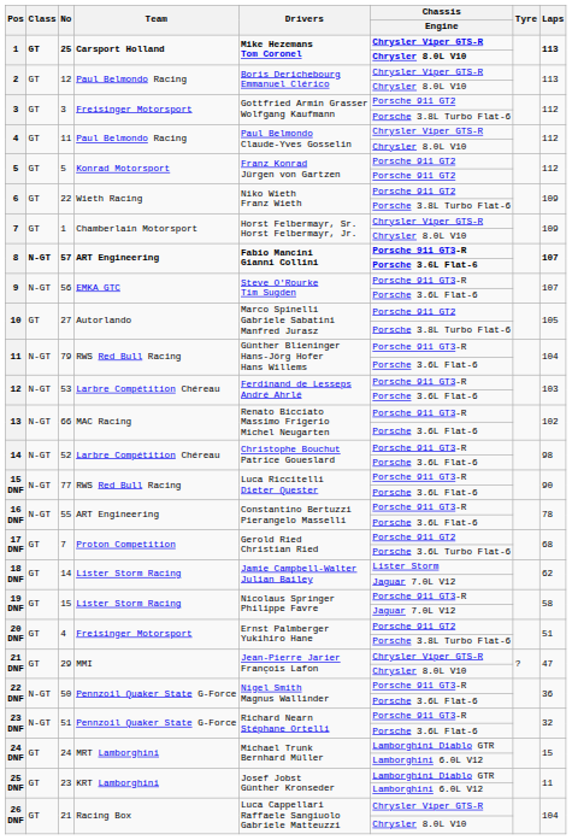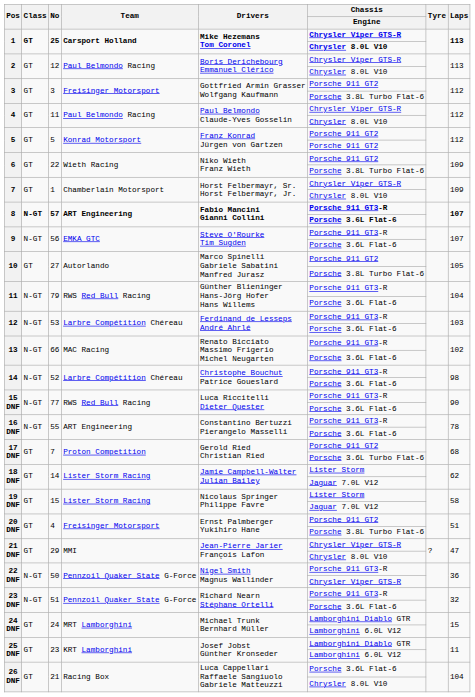 <table class="wikitable" style="font-size: 95%;">
 <tr>
 <th rowspan=2>Pos</th>
 <th rowspan=2>Class</th>
 <th rowspan=2>No</th>
 <th rowspan=2>Team</th>
 <th rowspan=2>Drivers</th>
 <th>Chassis</th>
 <th rowspan=2>Tyre</th>
 <th rowspan=2>Laps</th>
 </tr>
 <tr>
 <th>Engine</th>
 </tr>
 <tr style="font-weight:bold">
 <th rowspan=2>1</th>
 <td rowspan=2>GT</td>
 <td rowspan=2>25</td>
 <td rowspan=2> Carsport Holland</td>
 <td rowspan=2> Mike Hezemans<br> <a href='#'>Tom Coronel</a></td>
 <td><a href='#'>Chrysler Viper GTS-R</a></td>
 <td rowspan=2></td>
 <td rowspan=2>113</td>
 </tr>
 <tr style="font-weight:bold">
 <td><a href='#'>Chrysler</a> 8.0L V10</td>
 </tr>
 <tr>
 <th rowspan=2>2</th>
 <td rowspan=2>GT</td>
 <td rowspan=2>12</td>
 <td rowspan=2> <a href='#'>Paul Belmondo</a> Racing</td>
 <td rowspan=2> <a href='#'>Boris Derichebourg</a><br> <a href='#'>Emmanuel Clérico</a></td>
 <td><a href='#'>Chrysler Viper GTS-R</a></td>
 <td rowspan=2></td>
 <td rowspan=2>113</td>
 </tr>
 <tr>
 <td><a href='#'>Chrysler</a> 8.0L V10</td>
 </tr>
 <tr>
 <th rowspan=2>3</th>
 <td rowspan=2>GT</td>
 <td rowspan=2>3</td>
 <td rowspan=2> <a href='#'>Freisinger Motorsport</a></td>
 <td rowspan=2> Gottfried Armin Grasser<br> Wolfgang Kaufmann</td>
 <td><a href='#'>Porsche 911 GT2</a></td>
 <td rowspan=2></td>
 <td rowspan=2>112</td>
 </tr>
 <tr>
 <td><a href='#'>Porsche</a> 3.8L Turbo Flat-6</td>
 </tr>
 <tr>
 <th rowspan=2>4</th>
 <td rowspan=2>GT</td>
 <td rowspan=2>11</td>
 <td rowspan=2> <a href='#'>Paul Belmondo</a> Racing</td>
 <td rowspan=2> <a href='#'>Paul Belmondo</a><br> Claude-Yves Gosselin</td>
 <td><a href='#'>Chrysler Viper GTS-R</a></td>
 <td rowspan=2></td>
 <td rowspan=2>112</td>
 </tr>
 <tr>
 <td><a href='#'>Chrysler</a> 8.0L V10</td>
 </tr>
 <tr>
 <th rowspan=2>5</th>
 <td rowspan=2>GT</td>
 <td rowspan=2>5</td>
 <td rowspan=2> <a href='#'>Konrad Motorsport</a></td>
 <td rowspan=2> <a href='#'>Franz Konrad</a><br> Jürgen von Gartzen</td>
 <td><a href='#'>Porsche 911 GT2</a></td>
 <td rowspan=2></td>
 <td rowspan=2>112</td>
 </tr>
 <tr>
 <td><a href='#'>Porsche 911 GT2</a></td>
 </tr>
 <tr>
 <th rowspan=2>6</th>
 <td rowspan=2>GT</td>
 <td rowspan=2>22</td>
 <td rowspan=2> Wieth Racing</td>
 <td rowspan=2> Niko Wieth<br> Franz Wieth</td>
 <td><a href='#'>Porsche 911 GT2</a></td>
 <td rowspan=2></td>
 <td rowspan=2>109</td>
 </tr>
 <tr>
 <td><a href='#'>Porsche</a> 3.8L Turbo Flat-6</td>
 </tr>
 <tr>
 <th rowspan=2>7</th>
 <td rowspan=2>GT</td>
 <td rowspan=2>1</td>
 <td rowspan=2> Chamberlain Motorsport</td>
 <td rowspan=2> Horst Felbermayr, Sr.<br> Horst Felbermayr, Jr.</td>
 <td><a href='#'>Chrysler Viper GTS-R</a></td>
 <td rowspan=2></td>
 <td rowspan=2>109</td>
 </tr>
 <tr>
 <td><a href='#'>Chrysler</a> 8.0L V10</td>
 </tr>
 <tr style="font-weight:bold">
 <th rowspan=2>8</th>
 <td rowspan=2>N-GT</td>
 <td rowspan=2>57</td>
 <td rowspan=2> ART Engineering</td>
 <td rowspan=2> Fabio Mancini<br> Gianni Collini</td>
 <td><a href='#'>Porsche 911 GT3</a>-R</td>
 <td rowspan=2></td>
 <td rowspan=2>107</td>
 </tr>
 <tr style="font-weight:bold">
 <td><a href='#'>Porsche</a> 3.6L Flat-6</td>
 </tr>
 <tr>
 <th rowspan=2>9</th>
 <td rowspan=2>N-GT</td>
 <td rowspan=2>56</td>
 <td rowspan=2> <a href='#'>EMKA GTC</a></td>
 <td rowspan=2> <a href='#'>Steve O'Rourke</a><br> <a href='#'>Tim Sugden</a></td>
 <td><a href='#'>Porsche 911 GT3</a>-R</td>
 <td rowspan=2></td>
 <td rowspan=2>107</td>
 </tr>
 <tr>
 <td><a href='#'>Porsche</a> 3.6L Flat-6</td>
 </tr>
 <tr>
 <th rowspan=2>10</th>
 <td rowspan=2>GT</td>
 <td rowspan=2>27</td>
 <td rowspan=2> Autorlando</td>
 <td rowspan=2> Marco Spinelli<br> Gabriele Sabatini<br> Manfred Jurasz</td>
 <td><a href='#'>Porsche 911 GT2</a></td>
 <td rowspan=2></td>
 <td rowspan=2>105</td>
 </tr>
 <tr>
 <td><a href='#'>Porsche</a> 3.8L Turbo Flat-6</td>
 </tr>
 <tr>
 <th rowspan=2>11</th>
 <td rowspan=2>N-GT</td>
 <td rowspan=2>79</td>
 <td rowspan=2> RWS <a href='#'>Red Bull</a> Racing</td>
 <td rowspan=2> Günther Blieninger<br> Hans-Jörg Hofer<br> Hans Willems</td>
 <td><a href='#'>Porsche 911 GT3</a>-R</td>
 <td rowspan=2></td>
 <td rowspan=2>104</td>
 </tr>
 <tr>
 <td><a href='#'>Porsche</a> 3.6L Flat-6</td>
 </tr>
 <tr>
 <th rowspan=2>12</th>
 <td rowspan=2>N-GT</td>
 <td rowspan=2>53</td>
 <td rowspan=2> <a href='#'>Larbre Compétition</a> Chéreau</td>
 <td rowspan=2> <a href='#'>Ferdinand de Lesseps</a><br> <a href='#'>André Ahrlé</a></td>
 <td><a href='#'>Porsche 911 GT3</a>-R</td>
 <td rowspan=2></td>
 <td rowspan=2>103</td>
 </tr>
 <tr>
 <td><a href='#'>Porsche</a> 3.6L Flat-6</td>
 </tr>
 <tr>
 <th rowspan=2>13</th>
 <td rowspan=2>N-GT</td>
 <td rowspan=2>66</td>
 <td rowspan=2> MAC Racing</td>
 <td rowspan=2> Renato Bicciato<br> Massimo Frigerio<br> Michel Neugarten</td>
 <td><a href='#'>Porsche 911 GT3</a>-R</td>
 <td rowspan=2></td>
 <td rowspan=2>102</td>
 </tr>
 <tr>
 <td><a href='#'>Porsche</a> 3.6L Flat-6</td>
 </tr>
 <tr>
 <th rowspan=2>14</th>
 <td rowspan=2>N-GT</td>
 <td rowspan=2>52</td>
 <td rowspan=2> <a href='#'>Larbre Compétition</a> Chéreau</td>
 <td rowspan=2> <a href='#'>Christophe Bouchut</a><br> Patrice Goueslard</td>
 <td><a href='#'>Porsche 911 GT3</a>-R</td>
 <td rowspan=2></td>
 <td rowspan=2>98</td>
 </tr>
 <tr>
 <td><a href='#'>Porsche</a> 3.6L Flat-6</td>
 </tr>
 <tr>
 <th rowspan=2>15<br>DNF</th>
 <td rowspan=2>N-GT</td>
 <td rowspan=2>77</td>
 <td rowspan=2> RWS <a href='#'>Red Bull</a> Racing</td>
 <td rowspan=2> Luca Riccitelli<br> <a href='#'>Dieter Quester</a></td>
 <td><a href='#'>Porsche 911 GT3</a>-R</td>
 <td rowspan=2></td>
 <td rowspan=2>90</td>
 </tr>
 <tr>
 <td><a href='#'>Porsche</a> 3.6L Flat-6</td>
 </tr>
 <tr>
 <th rowspan=2>16<br>DNF</th>
 <td rowspan=2>N-GT</td>
 <td rowspan=2>55</td>
 <td rowspan=2> ART Engineering</td>
 <td rowspan=2> Constantino Bertuzzi<br> Pierangelo Masselli</td>
 <td><a href='#'>Porsche 911 GT3</a>-R</td>
 <td rowspan=2></td>
 <td rowspan=2>78</td>
 </tr>
 <tr>
 <td><a href='#'>Porsche</a> 3.6L Flat-6</td>
 </tr>
 <tr>
 <th rowspan=2>17<br>DNF</th>
 <td rowspan=2>GT</td>
 <td rowspan=2>7</td>
 <td rowspan=2> <a href='#'>Proton Competition</a></td>
 <td rowspan=2> Gerold Ried<br> Christian Ried</td>
 <td><a href='#'>Porsche 911 GT2</a></td>
 <td rowspan=2></td>
 <td rowspan=2>68</td>
 </tr>
 <tr>
 <td><a href='#'>Porsche</a> 3.6L Turbo Flat-6</td>
 </tr>
 <tr>
 <th rowspan=2>18<br>DNF</th>
 <td rowspan=2>GT</td>
 <td rowspan=2>14</td>
 <td rowspan=2> <a href='#'>Lister Storm Racing</a></td>
 <td rowspan=2> <a href='#'>Jamie Campbell-Walter</a><br> <a href='#'>Julian Bailey</a></td>
 <td><a href='#'>Lister Storm</a></td>
 <td rowspan=2></td>
 <td rowspan=2>62</td>
 </tr>
 <tr>
 <td><a href='#'>Jaguar</a> 7.0L V12</td>
 </tr>
 <tr>
 <th rowspan=2>19<br>DNF</th>
 <td rowspan=2>GT</td>
 <td rowspan=2>15</td>
 <td rowspan=2> <a href='#'>Lister Storm Racing</a></td>
 <td rowspan=2> Nicolaus Springer<br> Philippe Favre</td>
-<td><a href='#'>Porsche 911 GT3</a>-R</td>
+<td><a href='#'>Lister Storm</a></td>
 <td rowspan=2></td>
 <td rowspan=2>58</td>
 </tr>
 <tr>
 <td><a href='#'>Jaguar</a> 7.0L V12</td>
 </tr>
 <tr>
 <th rowspan=2>20<br>DNF</th>
 <td rowspan=2>GT</td>
 <td rowspan=2>4</td>
 <td rowspan=2> <a href='#'>Freisinger Motorsport</a></td>
 <td rowspan=2> Ernst Palmberger<br> Yukihiro Hane</td>
 <td><a href='#'>Porsche 911 GT2</a></td>
 <td rowspan=2></td>
 <td rowspan=2>51</td>
 </tr>
 <tr>
 <td><a href='#'>Porsche</a> 3.8L Turbo Flat-6</td>
 </tr>
 <tr>
 <th rowspan=2>21<br>DNF</th>
 <td rowspan=2>GT</td>
 <td rowspan=2>29</td>
 <td rowspan=2> MMI</td>
 <td rowspan=2> <a href='#'>Jean-Pierre Jarier</a><br> François Lafon</td>
 <td><a href='#'>Chrysler Viper GTS-R</a></td>
 <td rowspan=2>?</td>
 <td rowspan=2>47</td>
 </tr>
 <tr>
 <td><a href='#'>Chrysler</a> 8.0L V10</td>
 </tr>
 <tr>
 <th rowspan=2>22<br>DNF</th>
 <td rowspan=2>N-GT</td>
 <td rowspan=2>50</td>
 <td rowspan=2> <a href='#'>Pennzoil Quaker State</a> G-Force</td>
 <td rowspan=2> <a href='#'>Nigel Smith</a><br> Magnus Wallinder</td>
 <td><a href='#'>Porsche 911 GT3</a>-R</td>
 <td rowspan=2></td>
 <td rowspan=2>36</td>
 </tr>
 <tr>
-<td><a href='#'>Porsche</a> 3.6L Flat-6</td>
+<td><a href='#'>Chrysler Viper GTS-R</a></td>
 </tr>
 <tr>
 <th rowspan=2>23<br>DNF</th>
 <td rowspan=2>N-GT</td>
 <td rowspan=2>51</td>
 <td rowspan=2> <a href='#'>Pennzoil Quaker State</a> G-Force</td>
 <td rowspan=2> Richard Nearn<br> <a href='#'>Stéphane Ortelli</a></td>
 <td><a href='#'>Porsche 911 GT3</a>-R</td>
 <td rowspan=2></td>
 <td rowspan=2>32</td>
 </tr>
 <tr>
 <td><a href='#'>Porsche</a> 3.6L Flat-6</td>
 </tr>
 <tr>
 <th rowspan=2>24<br>DNF</th>
 <td rowspan=2>GT</td>
 <td rowspan=2>24</td>
 <td rowspan=2> MRT <a href='#'>Lamborghini</a></td>
 <td rowspan=2> Michael Trunk<br> Bernhard Müller</td>
 <td><a href='#'>Lamborghini Diablo</a> GTR</td>
 <td rowspan=2></td>
 <td rowspan=2>15</td>
 </tr>
 <tr>
 <td><a href='#'>Lamborghini</a> 6.0L V12</td>
 </tr>
 <tr>
 <th rowspan=2>25<br>DNF</th>
 <td rowspan=2>GT</td>
 <td rowspan=2>23</td>
 <td rowspan=2> KRT <a href='#'>Lamborghini</a></td>
 <td rowspan=2> Josef Jobst<br> Günther Kronseder</td>
 <td><a href='#'>Lamborghini Diablo</a> GTR</td>
 <td rowspan=2></td>
 <td rowspan=2>11</td>
 </tr>
 <tr>
 <td><a href='#'>Lamborghini</a> 6.0L V12</td>
 </tr>
 <tr>
 <th rowspan=2>26<br>DNF</th>
 <td rowspan=2>GT</td>
 <td rowspan=2>21</td>
 <td rowspan=2> Racing Box</td>
 <td rowspan=2> Luca Cappellari<br> Raffaele Sangiuolo<br> Gabriele Matteuzzi</td>
-<td><a href='#'>Chrysler Viper GTS-R</a></td>
+<td><a href='#'>Porsche</a> 3.6L Flat-6</td>
 <td rowspan=2></td>
 <td rowspan=2>104</td>
 </tr>
 <tr>
 <td><a href='#'>Chrysler</a> 8.0L V10</td>
 </tr>
 </table>
